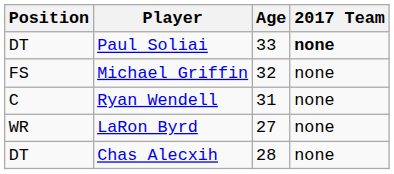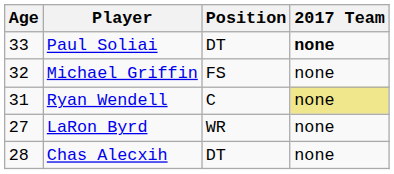 <table class="wikitable">
 <tr>
+<th>Age</th>
+<th>Player</th>
 <th>Position</th>
-<th>Player</th>
-<th>Age</th>
 <th>2017 Team</th>
 </tr>
 <tr>
+<td>33</td>
+<td><a href='#'>Paul Soliai</a></td>
 <td>DT</td>
-<td><a href='#'>Paul Soliai</a></td>
-<td>33</td>
 <td><strong>none</strong></td>
 </tr>
 <tr>
+<td>32</td>
+<td><a href='#'>Michael Griffin</a></td>
 <td>FS</td>
-<td><a href='#'>Michael Griffin</a></td>
-<td>32</td>
 <td>none</td>
 </tr>
 <tr>
+<td>31</td>
+<td><a href='#'>Ryan Wendell</a></td>
 <td>C</td>
-<td><a href='#'>Ryan Wendell</a></td>
-<td>31</td>
+<td style="background: khaki;">none</td>
+</tr>
+<tr>
+<td>27</td>
+<td><a href='#'>LaRon Byrd</a></td>
+<td>WR</td>
 <td>none</td>
 </tr>
 <tr>
-<td>WR</td>
-<td><a href='#'>LaRon Byrd</a></td>
-<td>27</td>
-<td>none</td>
-</tr>
-<tr>
+<td>28</td>
+<td><a href='#'>Chas Alecxih</a></td>
 <td>DT</td>
-<td><a href='#'>Chas Alecxih</a></td>
-<td>28</td>
 <td>none</td>
 </tr>
 </table>
